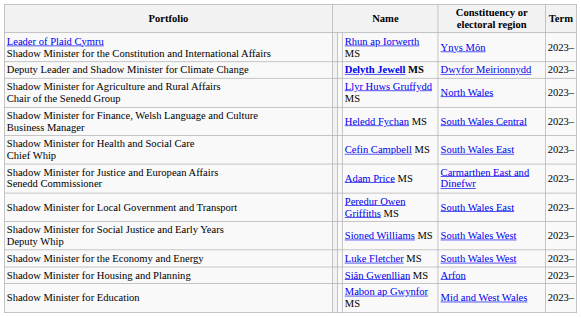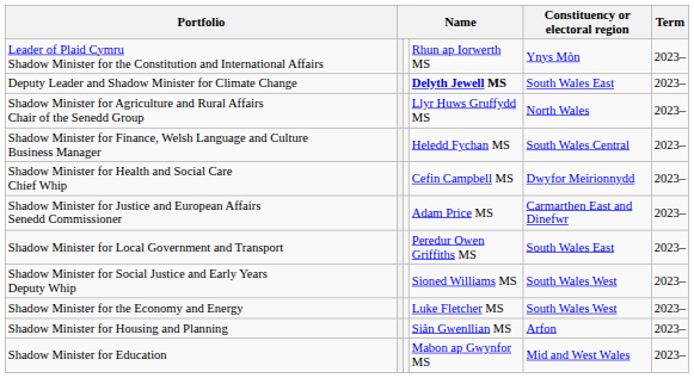 <table class="wikitable">
 <tr>
 <th style="width: 490px">Portfolio</th>
 <th colspan="3">Name</th>
 <th>Constituency or<br>electoral region</th>
 <th>Term</th>
 </tr>
 <tr>
 <td><a href='#'>Leader of Plaid Cymru</a><br>Shadow Minister for the Constitution and International Affairs</td>
 <th style="background-color: "></th>
 <td></td>
 <td><a href='#'>Rhun ap Iorwerth</a> MS</td>
 <td><a href='#'>Ynys Môn</a></td>
 <td>2023–</td>
 </tr>
 <tr>
 <td>Deputy Leader and Shadow Minister for Climate Change</td>
 <th style="background-color: "></th>
 <td></td>
 <td><strong><a href='#'>Delyth Jewell</a> MS</strong></td>
-<td><a href='#'>Dwyfor Meirionnydd</a></td>
+<td><a href='#'>South Wales East</a></td>
 <td>2023–</td>
 </tr>
 <tr>
 <td>Shadow Minister for Agriculture and Rural Affairs<br>Chair of the Senedd Group</td>
 <th style="background-color: "></th>
 <td></td>
 <td link="https://commons.wikimedia.org/wiki/File:Rhun_ap_Iorwerth_AM_(27555192223).jpg"><a href='#'>Llyr Huws Gruffydd</a> MS</td>
 <td><a href='#'>North Wales</a></td>
 <td>2023–</td>
 </tr>
 <tr>
 <td>Shadow Minister for Finance, Welsh Language and Culture<br>Business Manager</td>
 <th style="background-color: "></th>
 <td></td>
 <td><a href='#'>Heledd Fychan</a> MS</td>
 <td><a href='#'>South Wales Central</a></td>
 <td>2023–</td>
 </tr>
 <tr>
 <td>Shadow Minister for Health and Social Care<br>Chief Whip</td>
 <th style="background-color: "></th>
 <td></td>
 <td><a href='#'>Cefin Campbell</a> MS</td>
-<td><a href='#'>South Wales East</a></td>
+<td><a href='#'>Dwyfor Meirionnydd</a></td>
 <td>2023–</td>
 </tr>
 <tr>
 <td>Shadow Minister for Justice and European Affairs<br>Senedd Commissioner</td>
 <th style="background-color: "></th>
 <td></td>
 <td link="https://commons.wikimedia.org/wiki/File:Si%C3%A2n_Gwenllian_AM_(28092344141).jpg"><a href='#'>Adam Price</a> MS</td>
 <td><a href='#'>Carmarthen East and Dinefwr</a></td>
 <td>2023–</td>
 </tr>
 <tr>
 <td>Shadow Minister for Local Government and Transport</td>
 <th style="background-color: "></th>
 <td></td>
 <td link="https://commons.wikimedia.org/wiki/File:Helen_Mary_Jones_AM.jpg"><a href='#'>Peredur Owen Griffiths</a> MS</td>
 <td><a href='#'>South Wales East</a></td>
 <td>2023–</td>
 </tr>
 <tr>
 <td>Shadow Minister for Social Justice and Early Years<br>Deputy Whip</td>
 <th style="background-color: "></th>
 <td></td>
 <td link="https://commons.wikimedia.org/wiki/File:Dai_Lloyd_AM_(28170816265).jpg"><a href='#'>Sioned Williams</a> MS</td>
 <td><a href='#'>South Wales West</a></td>
 <td>2023–</td>
 </tr>
 <tr>
 <td>Shadow Minister for the Economy and Energy</td>
 <th style="background-color: "></th>
 <td></td>
 <td><a href='#'>Luke Fletcher</a> MS</td>
 <td><a href='#'>South Wales West</a></td>
 <td>2023–</td>
 </tr>
 <tr>
 <td>Shadow Minister for Housing and Planning</td>
 <th style="background-color: "></th>
 <td></td>
 <td link="https://commons.wikimedia.org/wiki/File:Delyth_Jewell_(cropped).jpg"><a href='#'>Siân Gwenllian</a> MS</td>
 <td><a href='#'>Arfon</a></td>
 <td>2023–</td>
 </tr>
 <tr>
 <td>Shadow Minister for Education</td>
 <th style="background-color: "></th>
 <td></td>
 <td><a href='#'>Mabon ap Gwynfor</a> MS</td>
 <td><a href='#'>Mid and West Wales</a></td>
 <td>2023–</td>
 </tr>
 </table>
